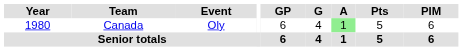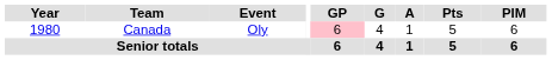 <table border="0" cellpadding="1" cellspacing="0" ID="Table3" style="text-align:center; width:40em">
 <tr bgcolor="#e0e0e0">
 <th>Year</th>
 <th>Team</th>
 <th>Event</th>
 <th rowspan="102" bgcolor="#ffffff"></th>
 <th>GP</th>
 <th>G</th>
 <th>A</th>
 <th>Pts</th>
 <th>PIM</th>
 </tr>
 <tr>
 <td><a href='#'>1980</a></td>
 <td><a href='#'>Canada</a></td>
 <td><a href='#'>Oly</a></td>
-<td>6</td>
+<td style="background: pink;">6</td>
 <td>4</td>
-<td style="background: lightgreen;">1</td>
+<td>1</td>
 <td>5</td>
 <td>6</td>
 </tr>
 <tr bgcolor="#e0e0e0">
 <th colspan="4">Senior totals</th>
 <th>6</th>
 <th>4</th>
 <th>1</th>
 <th>5</th>
 <th>6</th>
 </tr>
 </table>
